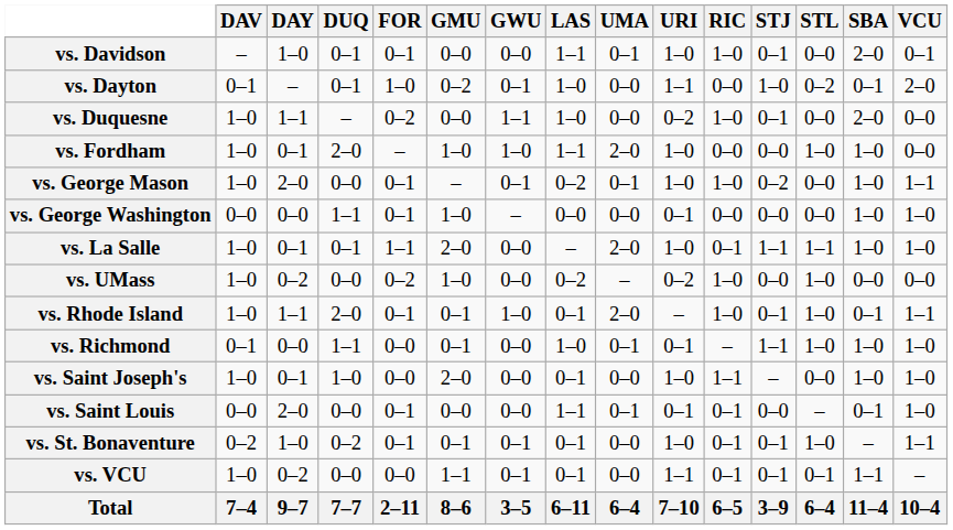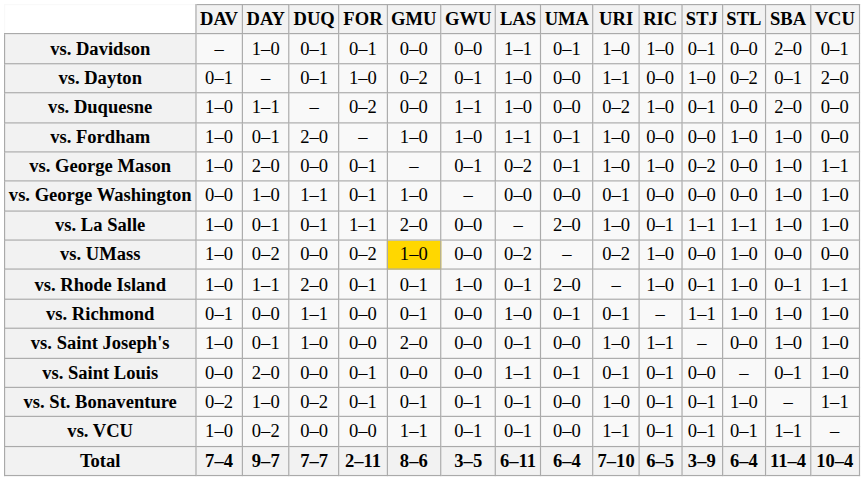 <table class="wikitable" style="white-space:nowrap;font-size:100%;">
 <tr>
 <th colspan=1 style="background:white; border-top-style:hidden; border-left-style:hidden;"   width=75> </th>
 <th style=>DAV</th>
 <th style="background:#">DAY</th>
 <th style=>DUQ</th>
 <th style=>FOR</th>
 <th style=>GMU</th>
 <th style=>GWU</th>
 <th style=>LAS</th>
 <th style=>UMA</th>
 <th style=>URI</th>
 <th style=>RIC</th>
 <th style=>STJ</th>
 <th style=>STL</th>
 <th style=>SBA</th>
 <th style=>VCU</th>
 </tr>
 <tr style="text-align:center;">
 <th>vs. Davidson</th>
 <td>–</td>
 <td>1–0</td>
 <td>0–1</td>
 <td>0–1</td>
 <td>0–0</td>
 <td>0–0</td>
 <td>1–1</td>
 <td>0–1</td>
 <td>1–0</td>
 <td>1–0</td>
 <td>0–1</td>
 <td>0–0</td>
 <td>2–0</td>
 <td>0–1</td>
 </tr>
 <tr style="text-align:center;">
 <th>vs. Dayton</th>
 <td>0–1</td>
 <td>–</td>
 <td>0–1</td>
 <td>1–0</td>
 <td>0–2</td>
 <td>0–1</td>
 <td>1–0</td>
 <td>0–0</td>
 <td>1–1</td>
 <td>0–0</td>
 <td>1–0</td>
 <td>0–2</td>
 <td>0–1</td>
 <td>2–0</td>
 </tr>
 <tr style="text-align:center;">
 <th>vs. Duquesne</th>
 <td>1–0</td>
 <td>1–1</td>
 <td>–</td>
 <td>0–2</td>
 <td>0–0</td>
 <td>1–1</td>
 <td>1–0</td>
 <td>0–0</td>
 <td>0–2</td>
 <td>1–0</td>
 <td>0–1</td>
 <td>0–0</td>
 <td>2–0</td>
 <td>0–0</td>
 </tr>
 <tr style="text-align:center;">
 <th>vs. Fordham</th>
 <td>1–0</td>
 <td>0–1</td>
 <td>2–0</td>
 <td>–</td>
 <td>1–0</td>
 <td>1–0</td>
 <td>1–1</td>
-<td>2–0</td>
+<td>0–1</td>
 <td>1–0</td>
 <td>0–0</td>
 <td>0–0</td>
 <td>1–0</td>
 <td>1–0</td>
 <td>0–0</td>
 </tr>
 <tr style="text-align:center;">
 <th>vs. George Mason</th>
 <td>1–0</td>
 <td>2–0</td>
 <td>0–0</td>
 <td>0–1</td>
 <td>–</td>
 <td>0–1</td>
 <td>0–2</td>
 <td>0–1</td>
 <td>1–0</td>
 <td>1–0</td>
 <td>0–2</td>
 <td>0–0</td>
 <td>1–0</td>
 <td>1–1</td>
 </tr>
 <tr style="text-align:center;">
 <th>vs. George Washington</th>
 <td>0–0</td>
-<td>0–0</td>
+<td>1–0</td>
 <td>1–1</td>
 <td>0–1</td>
 <td>1–0</td>
 <td>–</td>
 <td>0–0</td>
 <td>0–0</td>
 <td>0–1</td>
 <td>0–0</td>
 <td>0–0</td>
 <td>0–0</td>
 <td>1–0</td>
 <td>1–0</td>
 </tr>
 <tr style="text-align:center;">
 <th>vs. La Salle</th>
 <td>1–0</td>
 <td>0–1</td>
 <td>0–1</td>
 <td>1–1</td>
 <td>2–0</td>
 <td>0–0</td>
 <td>–</td>
 <td>2–0</td>
 <td>1–0</td>
 <td>0–1</td>
 <td>1–1</td>
 <td>1–1</td>
 <td>1–0</td>
 <td>1–0</td>
 </tr>
 <tr style="text-align:center;">
 <th>vs. UMass</th>
 <td>1–0</td>
 <td>0–2</td>
 <td>0–0</td>
 <td>0–2</td>
-<td>1–0</td>
+<td style="background: gold;">1–0</td>
 <td>0–0</td>
 <td>0–2</td>
 <td>–</td>
 <td>0–2</td>
 <td>1–0</td>
 <td>0–0</td>
 <td>1–0</td>
 <td>0–0</td>
 <td>0–0</td>
 </tr>
 <tr style="text-align:center;">
 <th>vs. Rhode Island</th>
 <td>1–0</td>
 <td>1–1</td>
 <td>2–0</td>
 <td>0–1</td>
 <td>0–1</td>
 <td>1–0</td>
 <td>0–1</td>
 <td>2–0</td>
 <td>–</td>
 <td>1–0</td>
 <td>0–1</td>
 <td>1–0</td>
 <td>0–1</td>
 <td>1–1</td>
 </tr>
 <tr style="text-align:center;">
 <th>vs. Richmond</th>
 <td>0–1</td>
 <td>0–0</td>
 <td>1–1</td>
 <td>0–0</td>
 <td>0–1</td>
 <td>0–0</td>
 <td>1–0</td>
 <td>0–1</td>
 <td>0–1</td>
 <td>–</td>
 <td>1–1</td>
 <td>1–0</td>
 <td>1–0</td>
 <td>1–0</td>
 </tr>
 <tr style="text-align:center;">
 <th>vs. Saint Joseph's</th>
 <td>1–0</td>
 <td>0–1</td>
 <td>1–0</td>
 <td>0–0</td>
 <td>2–0</td>
 <td>0–0</td>
 <td>0–1</td>
 <td>0–0</td>
 <td>1–0</td>
 <td>1–1</td>
 <td>–</td>
 <td>0–0</td>
 <td>1–0</td>
 <td>1–0</td>
 </tr>
 <tr style="text-align:center;">
 <th>vs. Saint Louis</th>
 <td>0–0</td>
 <td>2–0</td>
 <td>0–0</td>
 <td>0–1</td>
 <td>0–0</td>
 <td>0–0</td>
 <td>1–1</td>
 <td>0–1</td>
 <td>0–1</td>
 <td>0–1</td>
 <td>0–0</td>
 <td>–</td>
 <td>0–1</td>
 <td>1–0</td>
 </tr>
 <tr style="text-align:center;">
 <th>vs. St. Bonaventure</th>
 <td>0–2</td>
 <td>1–0</td>
 <td>0–2</td>
 <td>0–1</td>
 <td>0–1</td>
 <td>0–1</td>
 <td>0–1</td>
 <td>0–0</td>
 <td>1–0</td>
 <td>0–1</td>
 <td>0–1</td>
 <td>1–0</td>
 <td>–</td>
 <td>1–1</td>
 </tr>
 <tr style="text-align:center;">
 <th>vs. VCU</th>
 <td>1–0</td>
 <td>0–2</td>
 <td>0–0</td>
 <td>0–0</td>
 <td>1–1</td>
 <td>0–1</td>
 <td>0–1</td>
 <td>0–0</td>
 <td>1–1</td>
 <td>0–1</td>
 <td>0–1</td>
 <td>0–1</td>
 <td>1–1</td>
 <td>–<br></td>
 </tr>
 <tr style="text-align:center;">
 <th>Total</th>
 <th>7–4</th>
 <th>9–7</th>
 <th>7–7</th>
 <th>2–11</th>
 <th>8–6</th>
 <th>3–5</th>
 <th>6–11</th>
 <th>6–4</th>
 <th>7–10</th>
 <th>6–5</th>
 <th>3–9</th>
 <th>6–4</th>
 <th>11–4</th>
 <th>10–4</th>
 </tr>
 </table>
